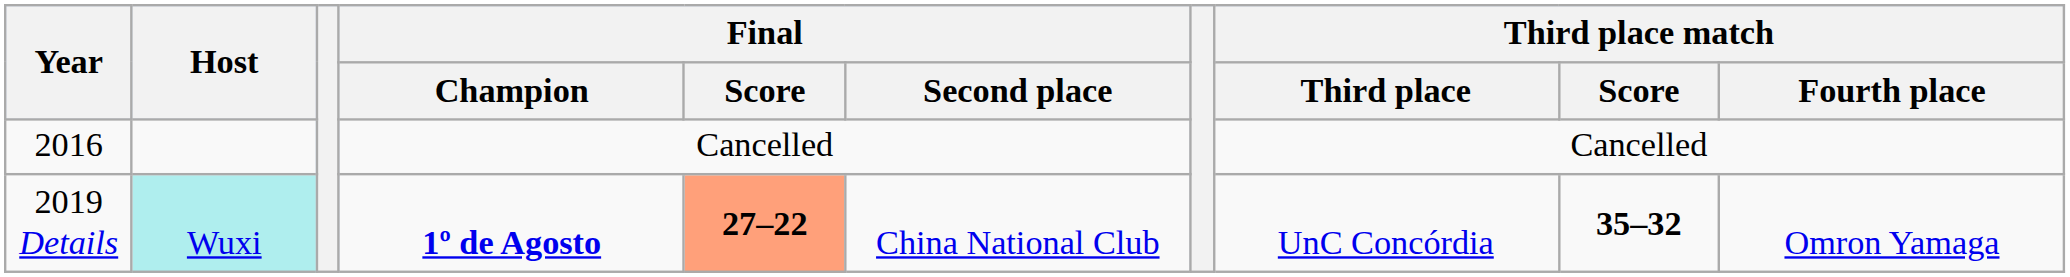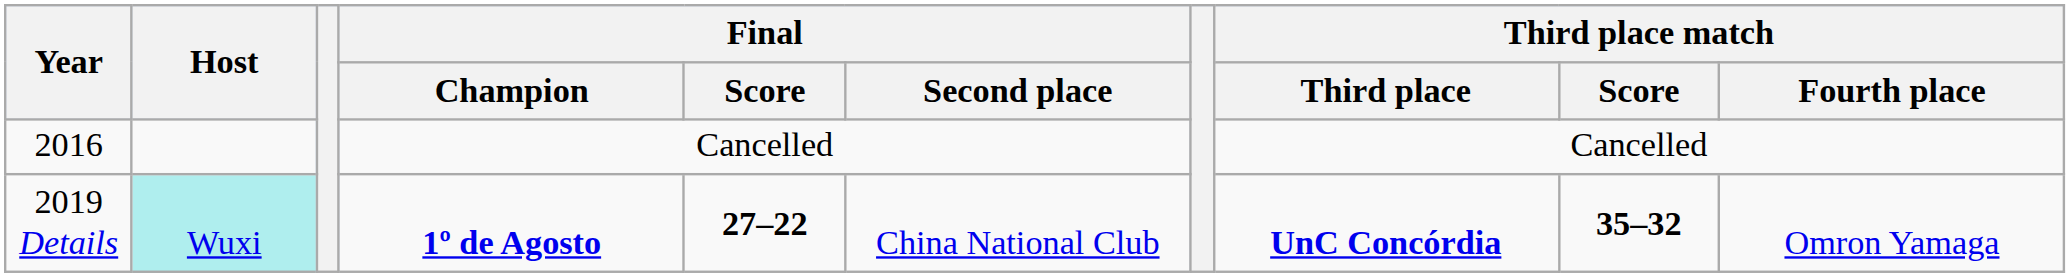 <table class="wikitable" style="font-size:90%; width: 98%; text-align: center;">
 <tr bgcolor=#C1D8FF>
 <th rowspan=2 width=5%>Year</th>
 <th rowspan=2 width=8%>Host</th>
 <th width=1% rowspan=4 bgcolor=ffffff></th>
 <th colspan=3>Final</th>
 <th width=1% rowspan=4 bgcolor=ffffff></th>
 <th colspan=3>Third place match</th>
 </tr>
 <tr>
 <th width=15%>Champion</th>
 <th width=7%>Score</th>
 <th width=15%>Second place</th>
 <th width=15%>Third place</th>
 <th width=7%>Score</th>
 <th width=15%>Fourth place</th>
 </tr>
 <tr>
 <td>2016</td>
 <td></td>
 <td colspan=3>Cancelled</td>
 <td colspan=3>Cancelled</td>
 </tr>
 <tr>
 <td>2019<br><em><a href='#'>Details</a></em></td>
 <td style="background: paleturquoise;"><br><a href='#'>Wuxi</a></td>
 <td><br><strong><a href='#'>1º de Agosto</a></strong></td>
-<td style="background: lightsalmon;"><strong>27–22</strong></td>
+<td><strong>27–22</strong></td>
 <td><br><a href='#'>China National Club</a></td>
-<td><br><a href='#'>UnC Concórdia</a></td>
+<td><strong><br><a href='#'>UnC Concórdia</a></strong></td>
 <td><strong>35–32</strong></td>
 <td><br><a href='#'>Omron Yamaga</a></td>
 </tr>
 </table>
